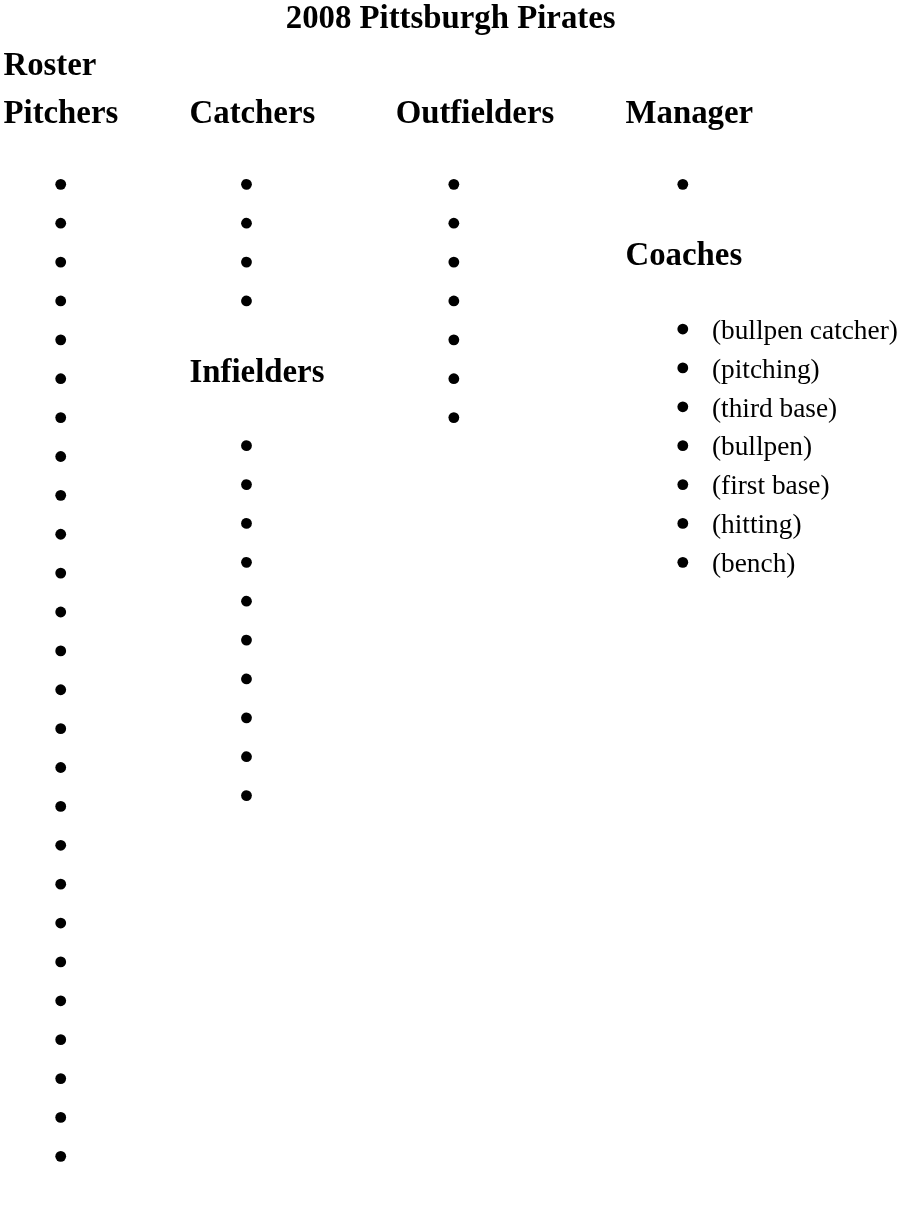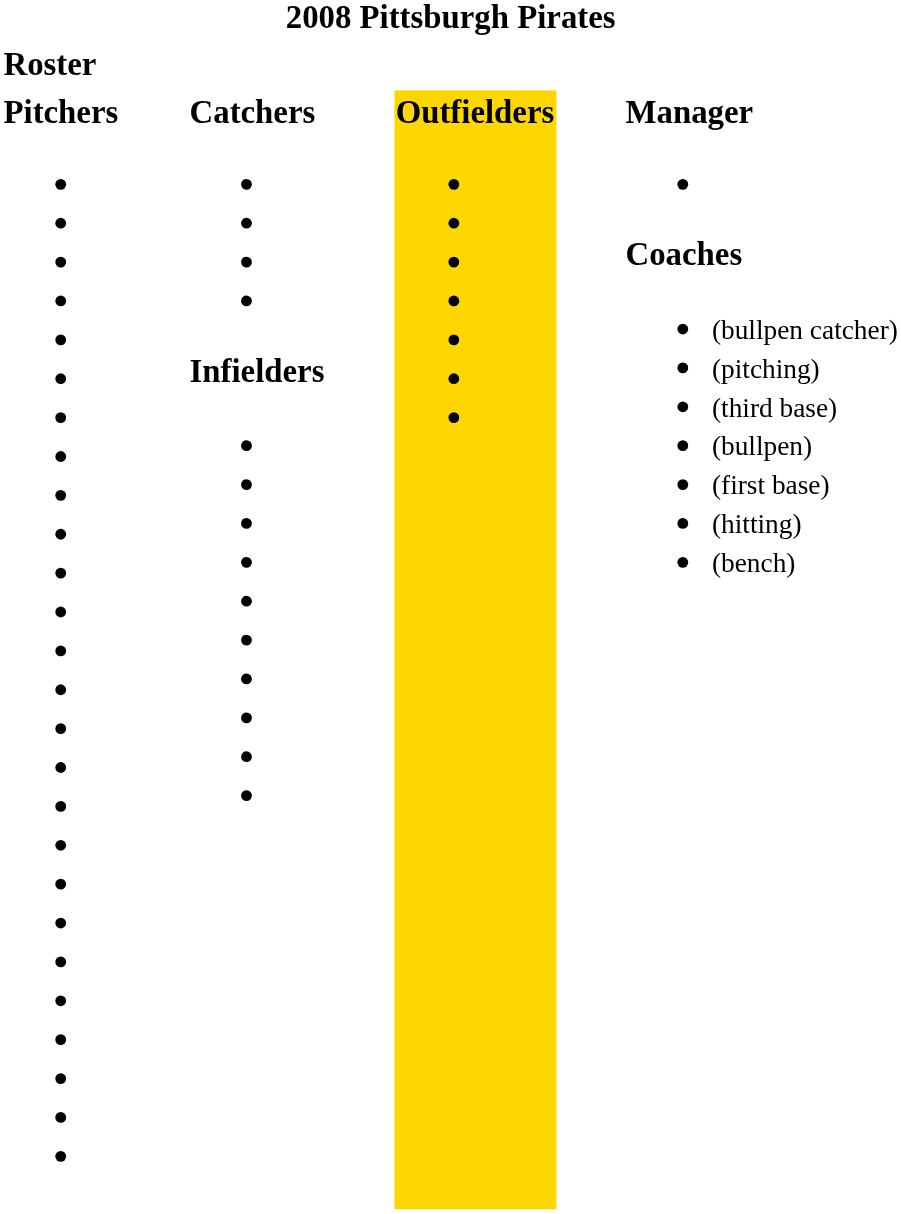 <table class="toccolours" style="font-size: 95%;">
 <tr>
 <th colspan="10">2008 Pittsburgh Pirates</th>
 </tr>
 <tr>
 <td colspan="10"><strong>Roster</strong></td>
 </tr>
 <tr>
 <td valign="top"><strong>Pitchers</strong><br><ul><li></li><li></li><li></li><li></li><li></li><li></li><li></li><li></li><li></li><li></li><li></li><li></li><li></li><li></li><li></li><li></li><li></li><li></li><li></li><li></li><li></li><li></li><li></li><li></li><li></li><li></li></ul></td>
 <td width="25px"></td>
 <td valign="top"><strong>Catchers</strong><br><ul><li></li><li></li><li></li><li></li></ul><strong>Infielders</strong><ul><li></li><li></li><li></li><li></li><li></li><li></li><li></li><li></li><li></li><li></li></ul></td>
 <td width="25px"></td>
-<td valign="top"><strong>Outfielders</strong><br><ul><li></li><li></li><li></li><li></li><li></li><li></li><li></li></ul></td>
+<td valign="top" style="background: gold;"><strong>Outfielders</strong><br><ul><li></li><li></li><li></li><li></li><li></li><li></li><li></li></ul></td>
 <td width="25px"></td>
 <td valign="top"><strong>Manager</strong><br><ul><li></li></ul><strong>Coaches</strong><ul><li> <small>(bullpen catcher)</small></li><li> <small>(pitching)</small></li><li> <small>(third base)</small></li><li> <small>(bullpen)</small></li><li> <small>(first base)</small></li><li> <small>(hitting)</small></li><li> <small>(bench)</small></li></ul></td>
 </tr>
 </table>
